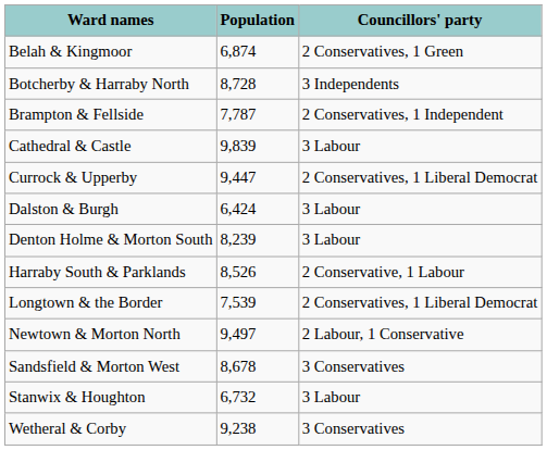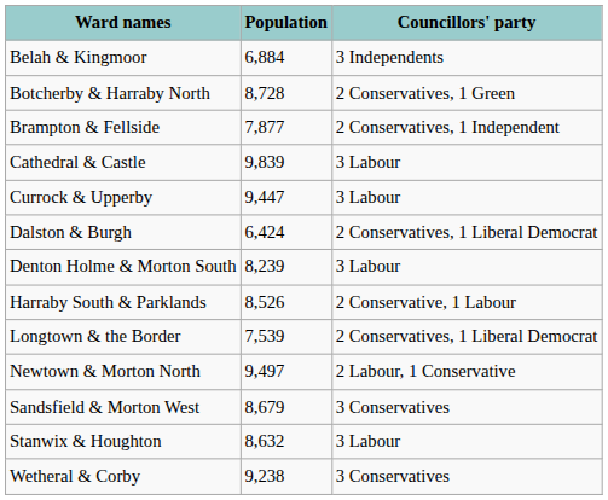 <table class="wikitable sortable" style="font-size:90%;border:0px;text-align:left;line-height:150%;">
 <tr>
 <th style="background: #99CCCC; colour: #000080">Ward names</th>
 <th style="background: #99CCCC; colour: #000080">Population</th>
 <th style="background: #99CCCC; colour: #000080">Councillors' party</th>
 </tr>
 <tr>
 <td>Belah & Kingmoor</td>
-<td>6,874</td>
-<td>2 Conservatives, 1 Green</td>
+<td>6,884</td>
+<td>3 Independents</td>
 </tr>
 <tr>
 <td>Botcherby & Harraby North</td>
 <td>8,728</td>
-<td>3 Independents</td>
+<td>2 Conservatives, 1 Green</td>
 </tr>
 <tr>
 <td>Brampton & Fellside</td>
-<td>7,787</td>
+<td>7,877</td>
 <td>2 Conservatives, 1 Independent</td>
 </tr>
 <tr>
 <td>Cathedral & Castle</td>
 <td>9,839</td>
 <td>3 Labour</td>
 </tr>
 <tr>
 <td>Currock & Upperby</td>
 <td>9,447</td>
-<td>2 Conservatives, 1 Liberal Democrat</td>
+<td>3 Labour</td>
 </tr>
 <tr>
 <td>Dalston & Burgh</td>
 <td>6,424</td>
-<td>3 Labour</td>
+<td>2 Conservatives, 1 Liberal Democrat</td>
 </tr>
 <tr>
 <td>Denton Holme & Morton South</td>
 <td>8,239</td>
 <td>3 Labour</td>
 </tr>
 <tr>
 <td>Harraby South & Parklands</td>
 <td>8,526</td>
 <td>2 Conservative, 1 Labour</td>
 </tr>
 <tr>
 <td>Longtown & the Border</td>
 <td>7,539</td>
 <td>2 Conservatives, 1 Liberal Democrat</td>
 </tr>
 <tr>
 <td>Newtown & Morton North</td>
 <td>9,497</td>
 <td>2 Labour, 1 Conservative</td>
 </tr>
 <tr>
 <td>Sandsfield & Morton West</td>
-<td>8,678</td>
+<td>8,679</td>
 <td>3 Conservatives</td>
 </tr>
 <tr>
 <td>Stanwix & Houghton</td>
-<td>6,732</td>
+<td>8,632</td>
 <td>3 Labour</td>
 </tr>
 <tr>
 <td>Wetheral & Corby</td>
 <td>9,238</td>
 <td>3 Conservatives</td>
 </tr>
 </table>
